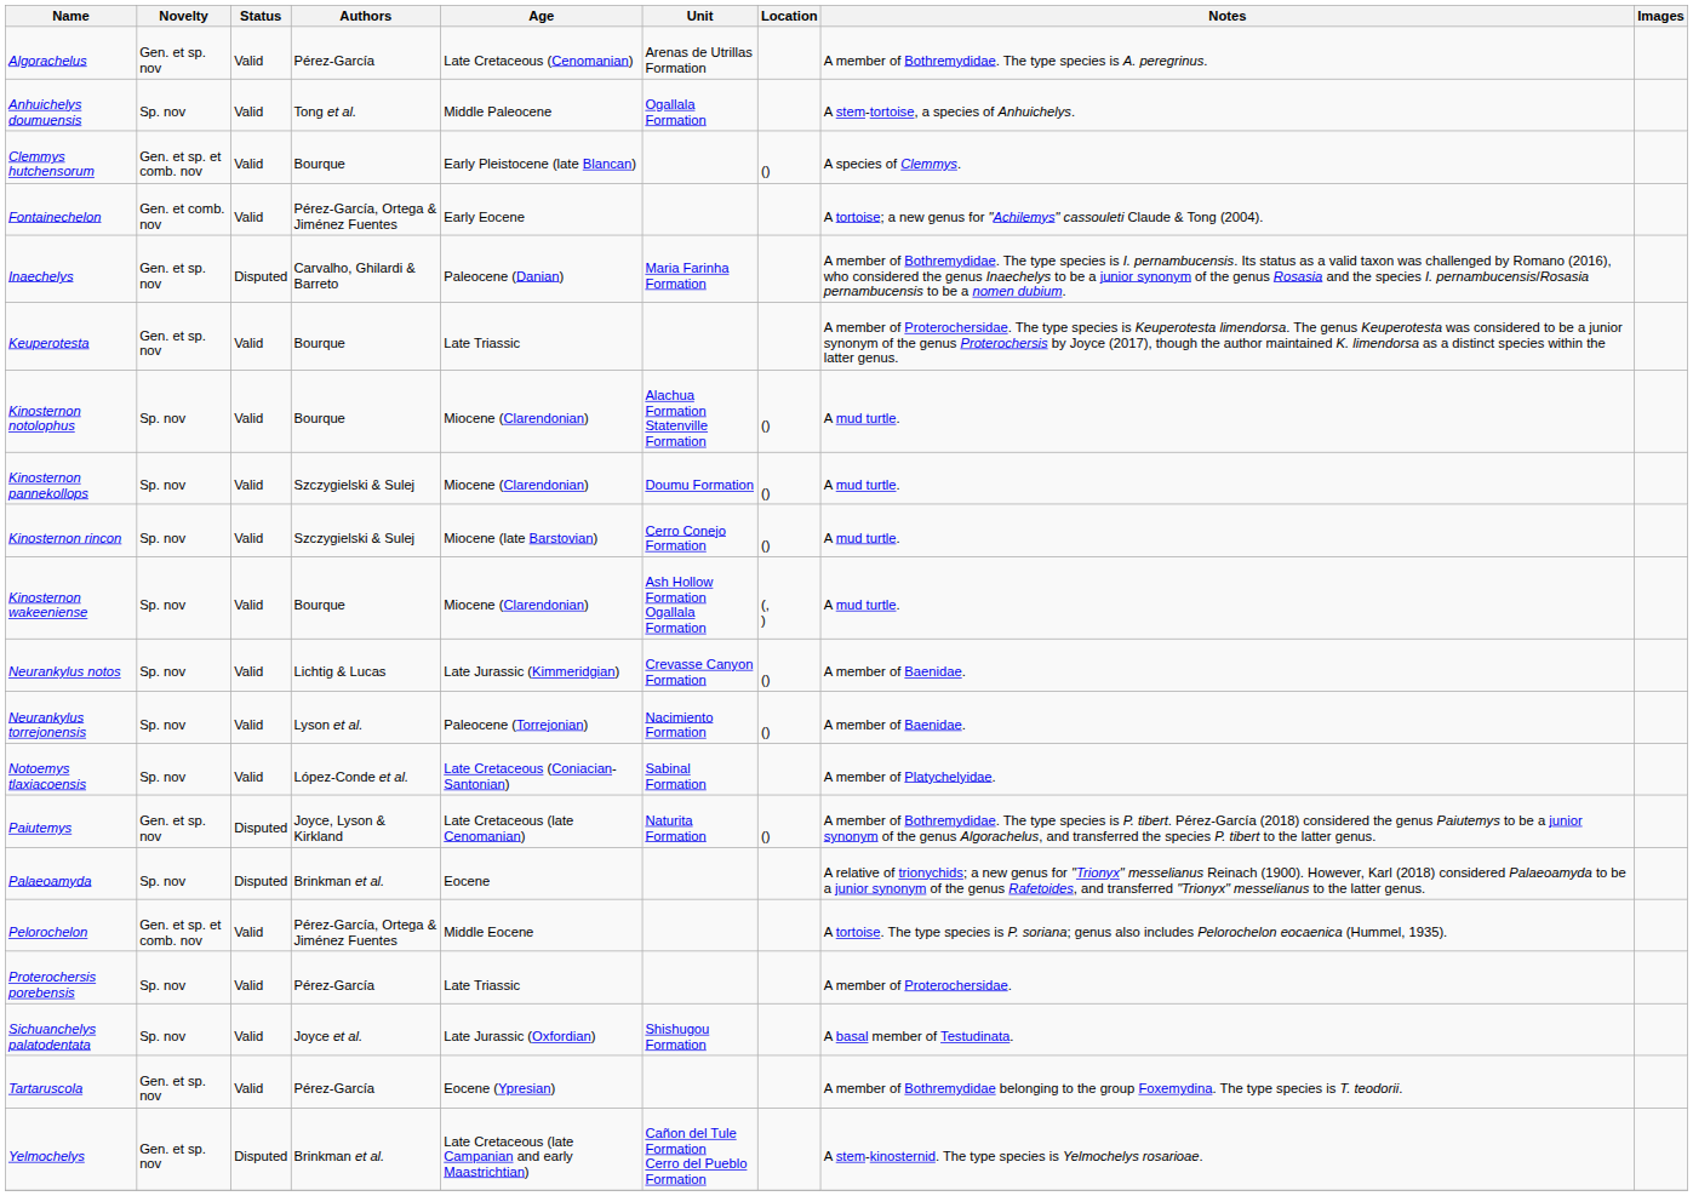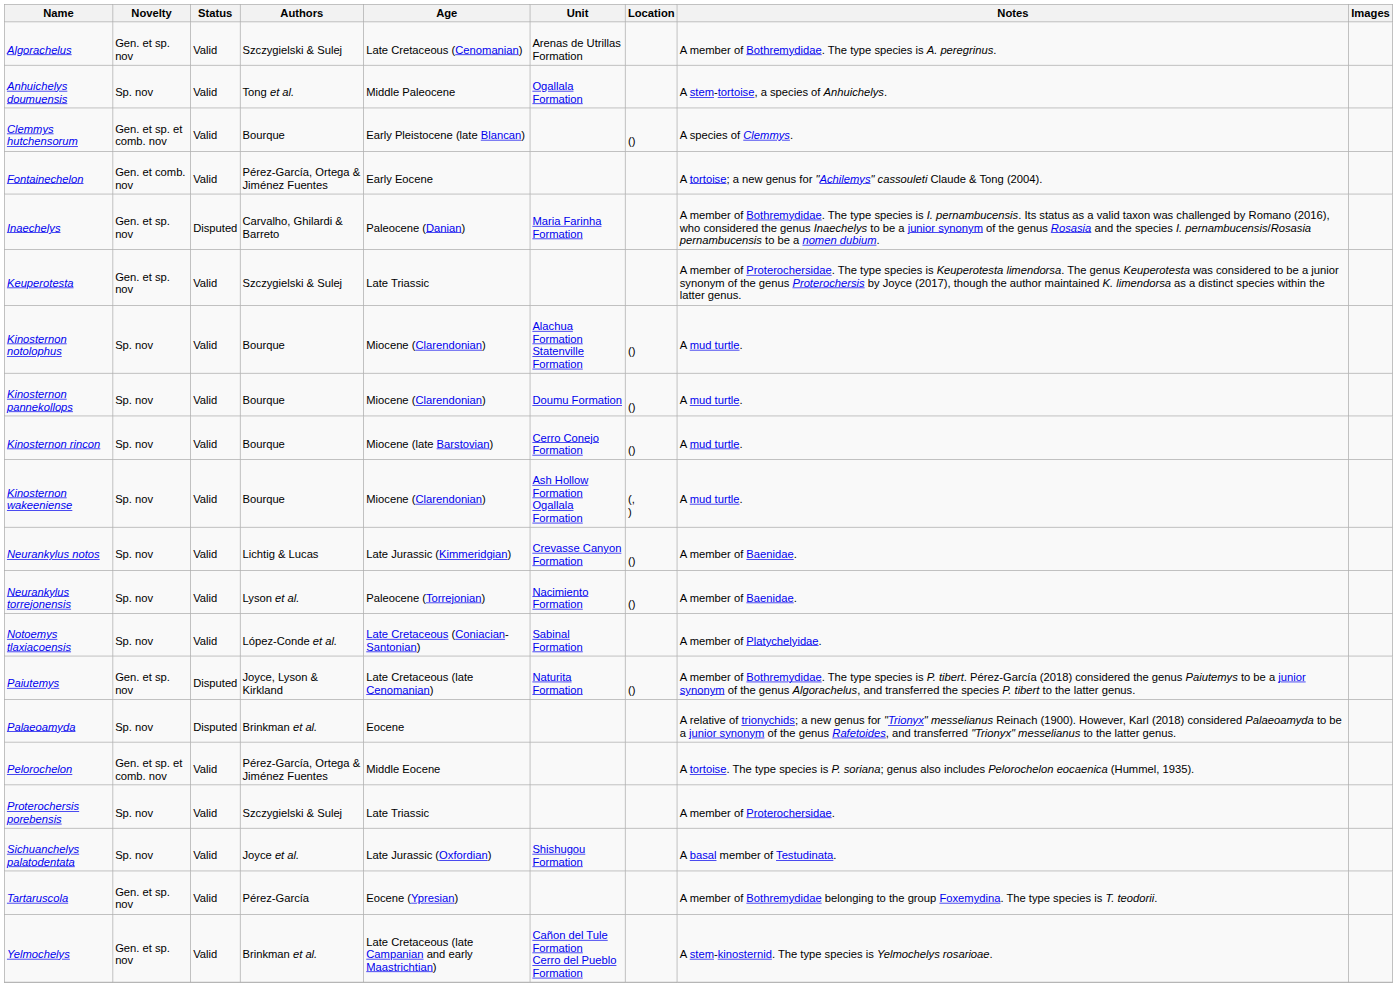 <table class="wikitable sortable" align="center" width="100%">
 <tr>
 <th>Name</th>
 <th>Novelty</th>
 <th>Status</th>
 <th>Authors</th>
 <th>Age</th>
 <th>Unit</th>
 <th>Location</th>
 <th>Notes</th>
 <th>Images</th>
 </tr>
 <tr>
 <td><br><em><a href='#'>Algorachelus</a></em></td>
 <td><br>Gen. et sp. nov</td>
 <td><br>Valid</td>
-<td><br>Pérez-García</td>
+<td><br>Szczygielski & Sulej</td>
 <td><br>Late Cretaceous (<a href='#'>Cenomanian</a>)</td>
 <td><br>Arenas de Utrillas Formation</td>
 <td><br> </td>
 <td><br>A member of <a href='#'>Bothremydidae</a>. The type species is <em>A. peregrinus</em>.</td>
 <td></td>
 </tr>
 <tr>
 <td><br><em><a href='#'>Anhuichelys doumuensis</a></em></td>
 <td><br>Sp. nov</td>
 <td><br>Valid</td>
 <td><br>Tong <em>et al.</em></td>
 <td><br>Middle Paleocene</td>
 <td><br><a href='#'>Ogallala Formation</a></td>
 <td><br></td>
 <td><br>A <a href='#'>stem</a>-<a href='#'>tortoise</a>, a species of <em>Anhuichelys</em>.</td>
 <td></td>
 </tr>
 <tr>
 <td><br><em><a href='#'>Clemmys hutchensorum</a></em></td>
 <td><br>Gen. et sp. et comb. nov</td>
 <td><br>Valid</td>
 <td><br>Bourque</td>
 <td><br>Early Pleistocene (late <a href='#'>Blancan</a>)</td>
 <td></td>
 <td><br><br>()</td>
 <td><br>A species of <em><a href='#'>Clemmys</a></em>.</td>
 <td></td>
 </tr>
 <tr>
 <td><br><em><a href='#'>Fontainechelon</a></em></td>
 <td><br>Gen. et comb. nov</td>
 <td><br>Valid</td>
 <td><br>Pérez-García, Ortega & Jiménez Fuentes</td>
 <td><br>Early Eocene</td>
 <td></td>
 <td><br></td>
 <td><br>A <a href='#'>tortoise</a>; a new genus for <em>"<a href='#'>Achilemys</a>" cassouleti</em> Claude & Tong (2004).</td>
 <td></td>
 </tr>
 <tr>
 <td><br><em><a href='#'>Inaechelys</a></em></td>
 <td><br>Gen. et sp. nov</td>
 <td><br>Disputed</td>
 <td><br>Carvalho, Ghilardi & Barreto</td>
 <td><br>Paleocene (<a href='#'>Danian</a>)</td>
 <td><br><a href='#'>Maria Farinha Formation</a></td>
 <td><br></td>
 <td><br>A member of <a href='#'>Bothremydidae</a>. The type species is <em>I. pernambucensis</em>. Its status as a valid taxon was challenged by Romano (2016), who considered the genus <em>Inaechelys</em> to be a <a href='#'>junior synonym</a> of the genus <em><a href='#'>Rosasia</a></em> and the species <em>I. pernambucensis</em>/<em>Rosasia pernambucensis</em> to be a <em><a href='#'>nomen dubium</a></em>.</td>
 <td></td>
 </tr>
 <tr>
 <td><br><em><a href='#'>Keuperotesta</a></em></td>
 <td><br>Gen. et sp. nov</td>
 <td><br>Valid</td>
-<td><br>Bourque</td>
+<td><br>Szczygielski & Sulej</td>
 <td><br>Late Triassic</td>
 <td></td>
 <td><br></td>
 <td><br>A member of <a href='#'>Proterochersidae</a>. The type species is <em>Keuperotesta limendorsa</em>. The genus <em>Keuperotesta</em> was considered to be a junior synonym of the genus <em><a href='#'>Proterochersis</a></em> by Joyce (2017), though the author maintained <em>K. limendorsa</em> as a distinct species within the latter genus.</td>
 <td></td>
 </tr>
 <tr>
 <td><br><em><a href='#'>Kinosternon notolophus</a></em></td>
 <td><br>Sp. nov</td>
 <td><br>Valid</td>
 <td><br>Bourque</td>
 <td><br>Miocene (<a href='#'>Clarendonian</a>)</td>
 <td><br><a href='#'>Alachua Formation</a><br> <a href='#'>Statenville Formation</a></td>
 <td><br><br>()</td>
 <td><br>A <a href='#'>mud turtle</a>.</td>
 <td></td>
 </tr>
 <tr>
 <td><br><em><a href='#'>Kinosternon pannekollops</a></em></td>
 <td><br>Sp. nov</td>
 <td><br>Valid</td>
-<td><br>Szczygielski & Sulej</td>
+<td><br>Bourque</td>
 <td><br>Miocene (<a href='#'>Clarendonian</a>)</td>
 <td><br><a href='#'>Doumu Formation</a></td>
 <td><br><br>()</td>
 <td><br>A <a href='#'>mud turtle</a>.</td>
 <td></td>
 </tr>
 <tr>
 <td><br><em><a href='#'>Kinosternon rincon</a></em></td>
 <td><br>Sp. nov</td>
 <td><br>Valid</td>
-<td><br>Szczygielski & Sulej</td>
+<td><br>Bourque</td>
 <td><br>Miocene (late <a href='#'>Barstovian</a>)</td>
 <td><br><a href='#'>Cerro Conejo Formation</a></td>
 <td><br><br>()</td>
 <td><br>A <a href='#'>mud turtle</a>.</td>
 <td></td>
 </tr>
 <tr>
 <td><br><em><a href='#'>Kinosternon wakeeniense</a></em></td>
 <td><br>Sp. nov</td>
 <td><br>Valid</td>
 <td><br>Bourque</td>
 <td><br>Miocene (<a href='#'>Clarendonian</a>)</td>
 <td><br><a href='#'>Ash Hollow Formation</a><br> <a href='#'>Ogallala Formation</a></td>
 <td><br><br>(,<br>)</td>
 <td><br>A <a href='#'>mud turtle</a>.</td>
 <td></td>
 </tr>
 <tr>
 <td><br><em><a href='#'>Neurankylus notos</a></em></td>
 <td><br>Sp. nov</td>
 <td><br>Valid</td>
 <td><br>Lichtig & Lucas</td>
 <td><br>Late Jurassic (<a href='#'>Kimmeridgian</a>)</td>
 <td><br><a href='#'>Crevasse Canyon Formation</a></td>
 <td><br><br>()</td>
 <td><br>A member of <a href='#'>Baenidae</a>.</td>
 <td></td>
 </tr>
 <tr>
 <td><br><em><a href='#'>Neurankylus torrejonensis</a></em></td>
 <td><br>Sp. nov</td>
 <td><br>Valid</td>
 <td><br>Lyson <em>et al.</em></td>
 <td><br>Paleocene (<a href='#'>Torrejonian</a>)</td>
 <td><br><a href='#'>Nacimiento Formation</a></td>
 <td><br><br>()</td>
 <td><br>A member of <a href='#'>Baenidae</a>.</td>
 <td></td>
 </tr>
 <tr>
 <td><br><em><a href='#'>Notoemys tlaxiacoensis</a></em></td>
 <td><br>Sp. nov</td>
 <td><br>Valid</td>
 <td><br>López-Conde <em>et al.</em></td>
 <td><br><a href='#'>Late Cretaceous</a> (<a href='#'>Coniacian</a>-<a href='#'>Santonian</a>)</td>
 <td><br><a href='#'>Sabinal Formation</a></td>
 <td><br></td>
 <td><br>A member of <a href='#'>Platychelyidae</a>.</td>
 <td></td>
 </tr>
 <tr>
 <td><br><em><a href='#'>Paiutemys</a></em></td>
 <td><br>Gen. et sp. nov</td>
 <td><br>Disputed</td>
 <td><br>Joyce, Lyson & Kirkland</td>
 <td><br>Late Cretaceous (late <a href='#'>Cenomanian</a>)</td>
 <td><br><a href='#'>Naturita Formation</a></td>
 <td><br><br>()</td>
 <td><br>A member of <a href='#'>Bothremydidae</a>. The type species is <em>P. tibert</em>. Pérez-García (2018) considered the genus <em>Paiutemys</em> to be a <a href='#'>junior synonym</a> of the genus <em>Algorachelus</em>, and transferred the species <em>P. tibert</em> to the latter genus.</td>
 <td></td>
 </tr>
 <tr>
 <td><br><em><a href='#'>Palaeoamyda</a></em></td>
 <td><br>Sp. nov</td>
 <td><br>Disputed</td>
 <td><br>Brinkman <em>et al.</em></td>
 <td><br>Eocene</td>
 <td></td>
 <td><br></td>
 <td><br>A relative of <a href='#'>trionychids</a>; a new genus for <em>"<a href='#'>Trionyx</a>" messelianus</em> Reinach (1900). However, Karl (2018) considered <em>Palaeoamyda</em> to be a <a href='#'>junior synonym</a> of the genus <em><a href='#'>Rafetoides</a></em>, and transferred <em>"Trionyx" messelianus</em> to the latter genus.</td>
 <td></td>
 </tr>
 <tr>
 <td><br><em><a href='#'>Pelorochelon</a></em></td>
 <td><br>Gen. et sp. et comb. nov</td>
 <td><br>Valid</td>
 <td><br>Pérez-García, Ortega & Jiménez Fuentes</td>
 <td><br>Middle Eocene</td>
 <td></td>
 <td><br><br> </td>
 <td><br>A <a href='#'>tortoise</a>. The type species is <em>P. soriana</em>; genus also includes <em>Pelorochelon eocaenica</em> (Hummel, 1935).</td>
 <td></td>
 </tr>
 <tr>
 <td><br><em><a href='#'>Proterochersis porebensis</a></em></td>
 <td><br>Sp. nov</td>
 <td><br>Valid</td>
-<td><br>Pérez-García</td>
+<td><br>Szczygielski & Sulej</td>
 <td><br>Late Triassic</td>
 <td></td>
 <td><br></td>
 <td><br>A member of <a href='#'>Proterochersidae</a>.</td>
 <td></td>
 </tr>
 <tr>
 <td><br><em><a href='#'>Sichuanchelys palatodentata</a></em></td>
 <td><br>Sp. nov</td>
 <td><br>Valid</td>
 <td><br>Joyce <em>et al.</em></td>
 <td><br>Late Jurassic (<a href='#'>Oxfordian</a>)</td>
 <td><br><a href='#'>Shishugou Formation</a></td>
 <td><br></td>
 <td><br>A <a href='#'>basal</a> member of <a href='#'>Testudinata</a>.</td>
 <td></td>
 </tr>
 <tr>
 <td><br><em><a href='#'>Tartaruscola</a></em></td>
 <td><br>Gen. et sp. nov</td>
 <td><br>Valid</td>
 <td><br>Pérez-García</td>
 <td><br>Eocene (<a href='#'>Ypresian</a>)</td>
 <td></td>
 <td><br></td>
 <td><br>A member of <a href='#'>Bothremydidae</a> belonging to the group <a href='#'>Foxemydina</a>. The type species is <em>T. teodorii</em>.</td>
 <td></td>
 </tr>
 <tr>
 <td><br><em><a href='#'>Yelmochelys</a></em></td>
 <td><br>Gen. et sp. nov</td>
-<td><br>Disputed</td>
+<td><br>Valid</td>
 <td><br>Brinkman <em>et al.</em></td>
 <td><br>Late Cretaceous (late <a href='#'>Campanian</a> and early <a href='#'>Maastrichtian</a>)</td>
 <td><br><a href='#'>Cañon del Tule Formation</a><br> <a href='#'>Cerro del Pueblo Formation</a></td>
 <td><br></td>
 <td><br>A <a href='#'>stem</a>-<a href='#'>kinosternid</a>. The type species is <em>Yelmochelys rosarioae</em>.</td>
 <td></td>
 </tr>
 <tr>
 </tr>
 </table>
